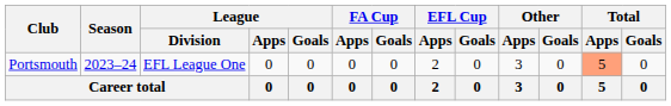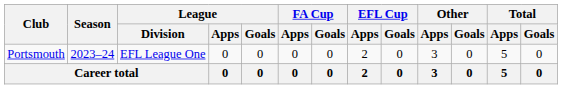 <table class="wikitable" style="text-align:center;">
 <tr>
 <th rowspan="2">Club</th>
 <th rowspan="2">Season</th>
 <th colspan="3">League</th>
 <th colspan="2"><a href='#'>FA Cup</a></th>
 <th colspan="2"><a href='#'>EFL Cup</a></th>
 <th colspan="2">Other</th>
 <th colspan="2">Total</th>
 </tr>
 <tr>
 <th>Division</th>
 <th>Apps</th>
 <th>Goals</th>
 <th>Apps</th>
 <th>Goals</th>
 <th>Apps</th>
 <th>Goals</th>
 <th>Apps</th>
 <th>Goals</th>
 <th>Apps</th>
 <th>Goals</th>
 </tr>
 <tr>
 <td><a href='#'>Portsmouth</a></td>
 <td><a href='#'>2023–24</a></td>
 <td><a href='#'>EFL League One</a></td>
 <td>0</td>
 <td>0</td>
 <td>0</td>
 <td>0</td>
 <td>2</td>
 <td>0</td>
 <td>3</td>
 <td>0</td>
-<td style="background: lightsalmon;">5</td>
+<td>5</td>
 <td>0</td>
 </tr>
 <tr>
 <th colspan="3">Career total</th>
 <th>0</th>
 <th>0</th>
 <th>0</th>
 <th>0</th>
 <th>2</th>
 <th>0</th>
 <th>3</th>
 <th>0</th>
 <th>5</th>
 <th>0</th>
 </tr>
 </table>
